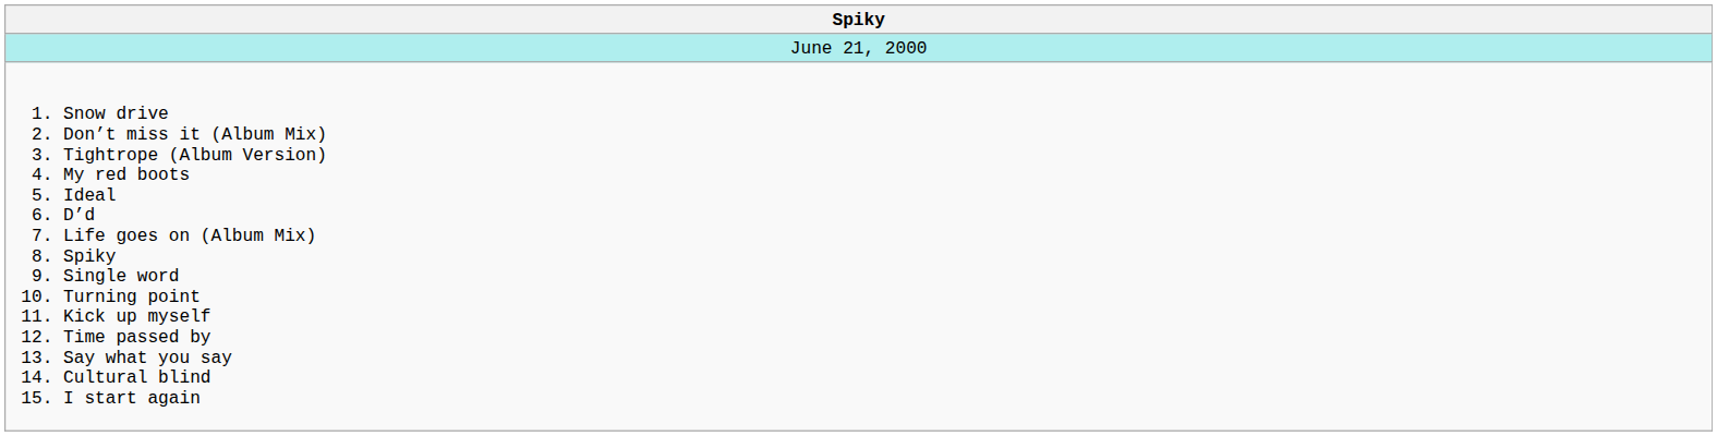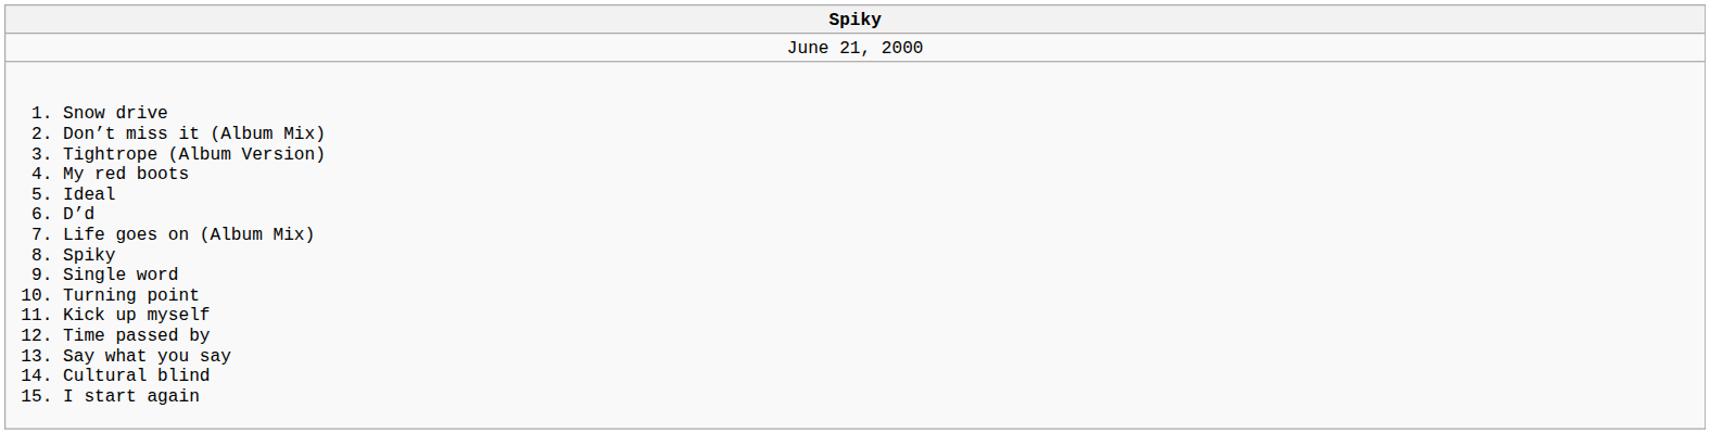 <table class="wikitable" style="width:100%">
 <tr>
 <th>Spiky</th>
 </tr>
 <tr>
-<td style="background: paleturquoise; text-align:center">June 21, 2000</td>
+<td style="text-align:center">June 21, 2000</td>
 </tr>
 <tr>
 <td><br><ol><li>Snow drive</li><li>Don’t miss it (Album Mix)</li><li>Tightrope (Album Version)</li><li>My red boots</li><li>Ideal</li><li>D’d</li><li>Life goes on (Album Mix)</li><li>Spiky</li><li>Single word</li><li>Turning point</li><li>Kick up myself</li><li>Time passed by</li><li>Say what you say</li><li>Cultural blind</li><li>I start again</li></ol></td>
 </tr>
 </table>
